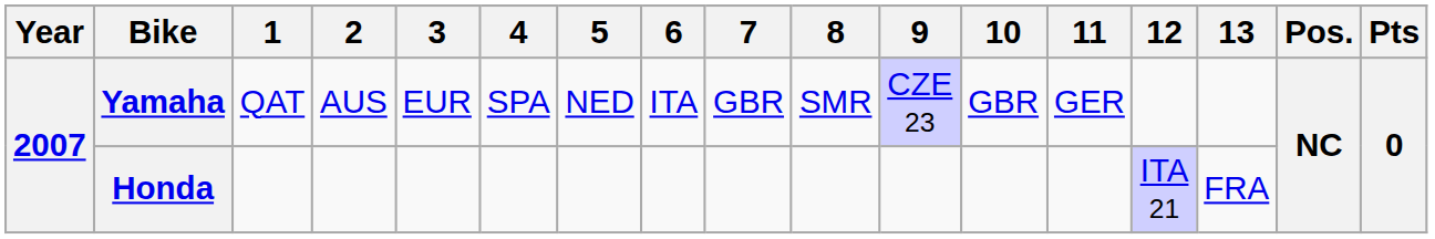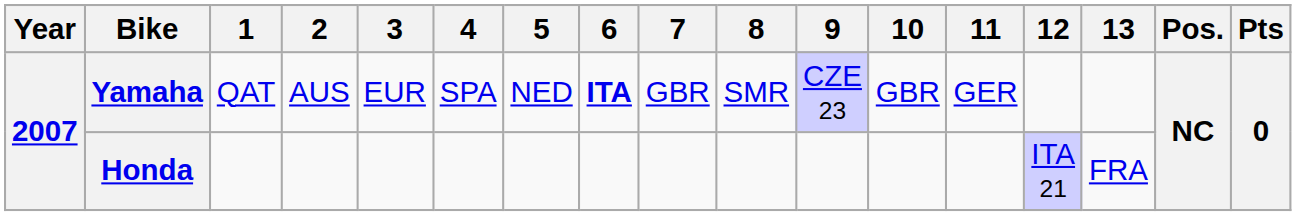 <table class="wikitable" style="text-align:center; font-size:90%">
 <tr>
 <th>Year</th>
 <th>Bike</th>
 <th>1</th>
 <th>2</th>
 <th>3</th>
 <th>4</th>
 <th>5</th>
 <th>6</th>
 <th>7</th>
 <th>8</th>
 <th>9</th>
 <th>10</th>
 <th>11</th>
 <th>12</th>
 <th>13</th>
 <th>Pos.</th>
 <th>Pts</th>
 </tr>
 <tr>
 <th rowspan=2><a href='#'>2007</a></th>
 <th><a href='#'>Yamaha</a></th>
 <td><a href='#'>QAT</a></td>
 <td><a href='#'>AUS</a></td>
 <td><a href='#'>EUR</a></td>
 <td><a href='#'>SPA</a></td>
 <td><a href='#'>NED</a></td>
-<td><a href='#'>ITA</a></td>
+<td><strong><a href='#'>ITA</a></strong></td>
 <td><a href='#'>GBR</a></td>
 <td><a href='#'>SMR</a></td>
 <td style="background:#CFCFFF;"><a href='#'>CZE</a><br><small>23</small></td>
 <td><a href='#'>GBR</a></td>
 <td><a href='#'>GER</a></td>
 <td></td>
 <td></td>
 <th rowspan=2>NC</th>
 <th rowspan=2>0</th>
 </tr>
 <tr>
 <th><a href='#'>Honda</a></th>
 <td></td>
 <td></td>
 <td></td>
 <td></td>
 <td></td>
 <td></td>
 <td></td>
 <td></td>
 <td></td>
 <td></td>
 <td></td>
 <td style="background:#CFCFFF;"><a href='#'>ITA</a><br><small>21</small></td>
 <td><a href='#'>FRA</a></td>
 </tr>
 </table>
